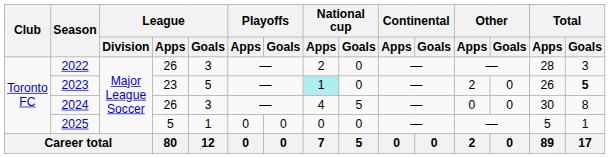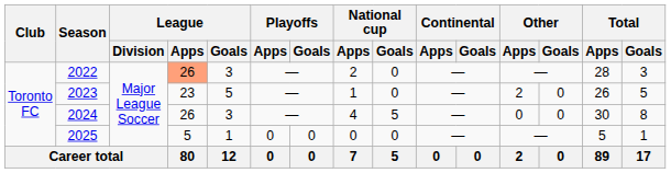 <table class="wikitable" style="text-align:center">
 <tr>
 <th rowspan="2">Club</th>
 <th rowspan="2">Season</th>
 <th colspan="3">League</th>
 <th colspan="2">Playoffs</th>
 <th colspan="2">National cup</th>
 <th colspan="2">Continental</th>
 <th colspan="2">Other</th>
 <th colspan="2">Total</th>
 </tr>
 <tr>
 <th>Division</th>
 <th>Apps</th>
 <th>Goals</th>
 <th>Apps</th>
 <th>Goals</th>
 <th>Apps</th>
 <th>Goals</th>
 <th>Apps</th>
 <th>Goals</th>
 <th>Apps</th>
 <th>Goals</th>
 <th>Apps</th>
 <th>Goals</th>
 </tr>
 <tr>
 <td rowspan="4"><a href='#'>Toronto FC</a></td>
 <td><a href='#'>2022</a></td>
 <td rowspan="4"><a href='#'>Major League Soccer</a></td>
-<td>26</td>
+<td style="background: lightsalmon;">26</td>
 <td>3</td>
 <td colspan="2">—</td>
 <td>2</td>
 <td>0</td>
 <td colspan="2">—</td>
 <td colspan="2">—</td>
 <td>28</td>
 <td>3</td>
 </tr>
 <tr>
 <td><a href='#'>2023</a></td>
 <td>23</td>
 <td>5</td>
 <td colspan="2">—</td>
-<td style="background: paleturquoise;">1</td>
+<td>1</td>
 <td>0</td>
 <td colspan="2">—</td>
 <td>2</td>
 <td>0</td>
 <td>26</td>
-<td><strong>5</strong></td>
+<td>5</td>
 </tr>
 <tr>
 <td><a href='#'>2024</a></td>
 <td>26</td>
 <td>3</td>
 <td colspan="2">—</td>
 <td>4</td>
 <td>5</td>
 <td colspan="2">—</td>
 <td>0</td>
 <td>0</td>
 <td>30</td>
 <td>8</td>
 </tr>
 <tr>
 <td><a href='#'>2025</a></td>
 <td>5</td>
 <td>1</td>
 <td>0</td>
 <td>0</td>
 <td>0</td>
 <td>0</td>
 <td colspan="2">—</td>
 <td colspan="2">—</td>
 <td>5</td>
 <td>1</td>
 </tr>
 <tr>
 <th colspan="3">Career total</th>
 <th>80</th>
 <th>12</th>
 <th>0</th>
 <th>0</th>
 <th>7</th>
 <th>5</th>
 <th>0</th>
 <th>0</th>
 <th>2</th>
 <th>0</th>
 <th>89</th>
 <th>17</th>
 </tr>
 </table>
